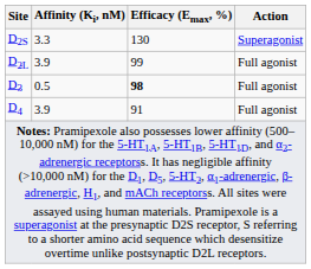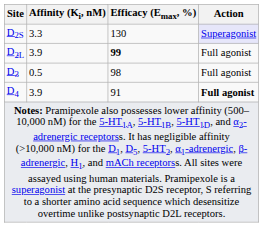 <table class="wikitable">
 <tr>
 <th>Site</th>
 <th>Affinity (K<sub>i</sub>, nM)</th>
 <th>Efficacy (E<sub>max</sub>, %)</th>
 <th>Action</th>
 </tr>
 <tr>
 <td><a href='#'>D<sub>2S</sub></a></td>
 <td>3.3</td>
 <td>130</td>
-<td><a href='#'>Superagonist</a></td>
+<td style="background: lavender;"><a href='#'>Superagonist</a></td>
 </tr>
 <tr>
 <td><a href='#'>D<sub>2L</sub></a></td>
 <td>3.9</td>
-<td>99</td>
+<td><strong>99</strong></td>
 <td>Full agonist</td>
 </tr>
 <tr>
 <td><a href='#'>D<sub>3</sub></a></td>
 <td>0.5</td>
-<td><strong>98</strong></td>
+<td>98</td>
 <td>Full agonist</td>
 </tr>
 <tr>
 <td><a href='#'>D<sub>4</sub></a></td>
 <td>3.9</td>
 <td>91</td>
-<td>Full agonist</td>
+<td><strong>Full agonist</strong></td>
 </tr>
 <tr class="sortbottom">
 <td colspan="4" style="width: 1px; background-color:#eaecf0; text-align: center;"><strong>Notes:</strong> Pramipexole also possesses lower affinity (500–10,000 nM) for the <a href='#'>5-HT<sub>1A</sub></a>, <a href='#'>5-HT<sub>1B</sub></a>, <a href='#'>5-HT<sub>1D</sub></a>, and <a href='#'>α<sub>2</sub>-adrenergic receptors</a>s. It has negligible affinity (>10,000 nM) for the <a href='#'>D<sub>1</sub></a>, <a href='#'>D<sub>5</sub></a>, <a href='#'>5-HT<sub>2</sub></a>, <a href='#'>α<sub>1</sub>-adrenergic</a>, <a href='#'>β-adrenergic</a>, <a href='#'>H<sub>1</sub></a>, and <a href='#'>mACh receptors</a>s. All sites were assayed using human materials. Pramipexole is a <a href='#'>superagonist</a> at the presynaptic D2S receptor, S referring to a shorter amino acid sequence which desensitize overtime unlike postsynaptic D2L receptors.</td>
 </tr>
 </table>
